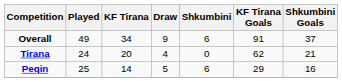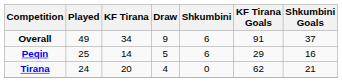 <table class=wikitable style="text-align:center">
 <tr>
 <th>Competition</th>
 <th>Played</th>
 <th>KF Tirana</th>
 <th>Draw</th>
 <th>Shkumbini</th>
 <th>KF Tirana <br> Goals</th>
 <th>Shkumbini <br> Goals</th>
 </tr>
 <tr>
 <td><strong>Overall</strong></td>
 <td>49</td>
 <td>34</td>
 <td>9</td>
 <td>6</td>
 <td>91</td>
 <td>37</td>
 </tr>
 <tr>
+<td><strong><a href='#'>Peqin</a></strong></td>
+<td>25</td>
+<td>14</td>
+<td>5</td>
+<td>6</td>
+<td>29</td>
+<td>16</td>
+</tr>
+<tr>
 <td><strong><a href='#'>Tirana</a></strong></td>
 <td>24</td>
 <td>20</td>
 <td>4</td>
 <td>0</td>
 <td>62</td>
 <td>21</td>
 </tr>
 <tr>
-<td><strong><a href='#'>Peqin</a></strong></td>
-<td>25</td>
-<td>14</td>
-<td>5</td>
-<td>6</td>
-<td>29</td>
-<td>16</td>
-</tr>
-<tr>
 </tr>
 </table>
